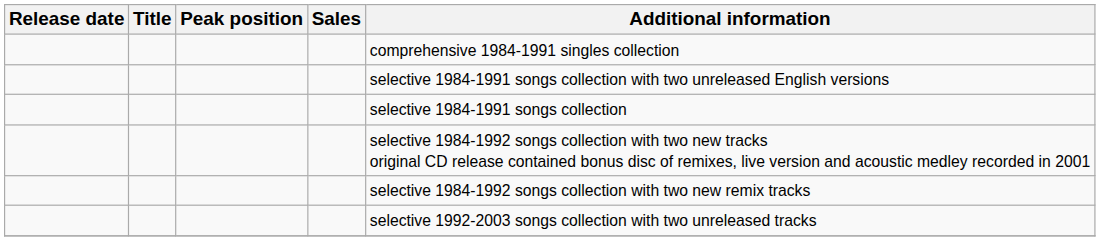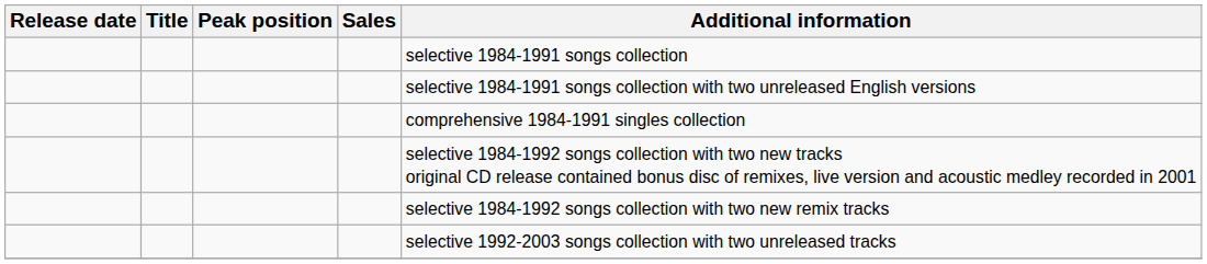 <table class="wikitable">
 <tr>
 <th rowspan="1">Release date</th>
 <th rowspan="1">Title</th>
 <th rowspan="1">Peak position</th>
 <th rowspan="1">Sales</th>
 <th rowspan="1">Additional information</th>
 </tr>
 <tr>
 <td></td>
 <td></td>
 <td></td>
 <td></td>
-<td><small>comprehensive 1984-1991 singles collection</small></td>
+<td><small>selective 1984-1991 songs collection</small></td>
 </tr>
 <tr>
 <td></td>
 <td></td>
 <td></td>
 <td></td>
 <td><small>selective 1984-1991 songs collection with two unreleased English versions</small></td>
 </tr>
 <tr>
 <td></td>
 <td></td>
 <td></td>
 <td></td>
-<td><small>selective 1984-1991 songs collection</small></td>
+<td><small>comprehensive 1984-1991 singles collection</small></td>
 </tr>
 <tr>
 <td></td>
 <td></td>
 <td></td>
 <td></td>
 <td><small>selective 1984-1992 songs collection with two new tracks<br>original CD release contained bonus disc of remixes, live version and acoustic medley recorded in 2001</small></td>
 </tr>
 <tr>
 <td></td>
 <td></td>
 <td></td>
 <td></td>
 <td><small>selective 1984-1992 songs collection with two new remix tracks</small></td>
 </tr>
 <tr>
 <td></td>
 <td></td>
 <td></td>
 <td></td>
 <td><small>selective 1992-2003 songs collection with two unreleased tracks</small></td>
 </tr>
 <tr>
 </tr>
 </table>
